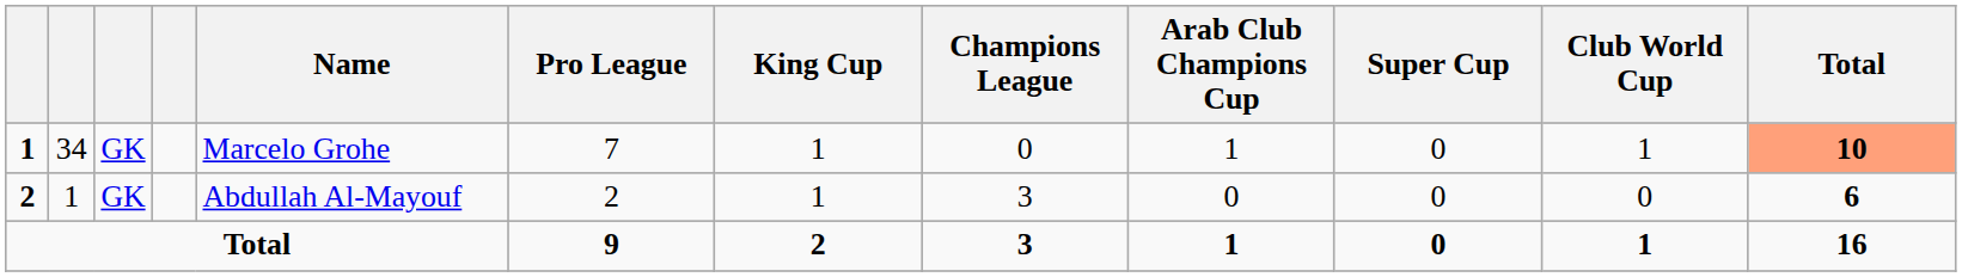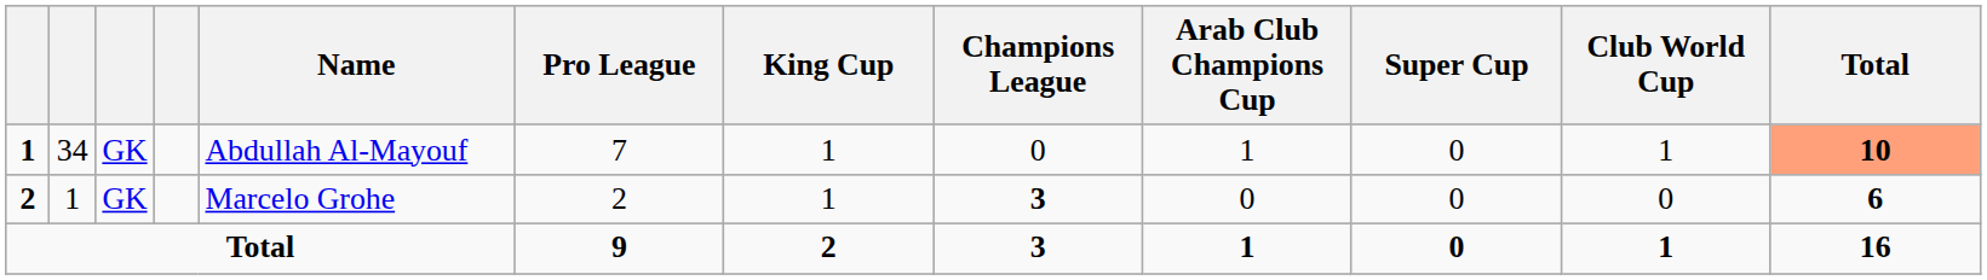 <table class="wikitable" style="text-align:center">
 <tr>
 <th width=15></th>
 <th width=15></th>
 <th width=15></th>
 <th width=15></th>
 <th width=155>Name</th>
 <th width=100>Pro League</th>
 <th width=100>King Cup</th>
 <th width=100>Champions League</th>
 <th width=100>Arab Club Champions Cup</th>
 <th width=100>Super Cup</th>
 <th width=100>Club World Cup</th>
 <th width=100>Total</th>
 </tr>
 <tr>
 <td><strong>1</strong></td>
 <td>34</td>
 <td><a href='#'>GK</a></td>
 <td></td>
-<td align=left><a href='#'>Marcelo Grohe</a></td>
+<td align=left><a href='#'>Abdullah Al-Mayouf</a></td>
 <td>7</td>
 <td>1</td>
 <td>0</td>
 <td>1</td>
 <td>0</td>
 <td>1</td>
 <td style="background: lightsalmon;"><strong>10</strong></td>
 </tr>
 <tr>
 <td><strong>2</strong></td>
 <td>1</td>
 <td><a href='#'>GK</a></td>
 <td></td>
-<td align=left><a href='#'>Abdullah Al-Mayouf</a></td>
+<td align=left><a href='#'>Marcelo Grohe</a></td>
 <td>2</td>
 <td>1</td>
-<td>3</td>
+<td><strong>3</strong></td>
 <td>0</td>
 <td>0</td>
 <td>0</td>
 <td><strong>6</strong></td>
 </tr>
 <tr>
 <td colspan=5><strong>Total</strong></td>
 <td><strong>9</strong></td>
 <td><strong>2</strong></td>
 <td><strong>3</strong></td>
 <td><strong>1</strong></td>
 <td><strong>0</strong></td>
 <td><strong>1</strong></td>
 <td><strong>16</strong></td>
 </tr>
 </table>
